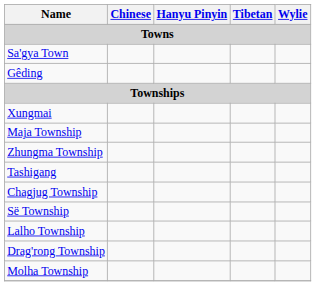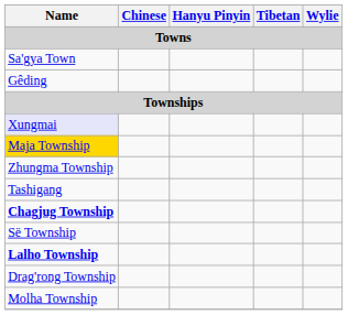 <table class="wikitable"  style="font-size:90%;" align=center>
 <tr>
 <th>Name</th>
 <th><a href='#'>Chinese</a></th>
 <th><a href='#'>Hanyu Pinyin</a></th>
 <th><a href='#'>Tibetan</a></th>
 <th><a href='#'>Wylie</a></th>
 </tr>
 <tr --------->
 <td colspan="7"  style="text-align:center; background:#d3d3d3;"><strong>Towns</strong></td>
 </tr>
 <tr --------->
 <td><a href='#'>Sa'gya Town</a></td>
 <td></td>
 <td></td>
 <td></td>
 <td></td>
 </tr>
 <tr>
 <td><a href='#'>Gêding</a></td>
 <td></td>
 <td></td>
 <td></td>
 <td></td>
 </tr>
 <tr --------->
 <td colspan="7"  style="text-align:center; background:#d3d3d3;"><strong>Townships</strong></td>
 </tr>
 <tr --------->
-<td><a href='#'>Xungmai</a></td>
+<td style="background: lavender;"><a href='#'>Xungmai</a></td>
 <td></td>
 <td></td>
 <td></td>
 <td></td>
 </tr>
 <tr>
-<td><a href='#'>Maja Township</a></td>
+<td style="background: gold;"><a href='#'>Maja Township</a></td>
 <td></td>
 <td></td>
 <td></td>
 <td></td>
 </tr>
 <tr>
 <td><a href='#'>Zhungma Township</a></td>
 <td></td>
 <td></td>
 <td></td>
 <td></td>
 </tr>
 <tr>
 <td><a href='#'>Tashigang</a></td>
 <td></td>
 <td></td>
 <td></td>
 <td></td>
 </tr>
 <tr>
-<td><a href='#'>Chagjug Township</a></td>
+<td><strong><a href='#'>Chagjug Township</a></strong></td>
 <td></td>
 <td></td>
 <td></td>
 <td></td>
 </tr>
 <tr>
 <td><a href='#'>Së Township</a></td>
 <td></td>
 <td></td>
 <td></td>
 <td></td>
 </tr>
 <tr>
-<td><a href='#'>Lalho Township</a></td>
+<td><strong><a href='#'>Lalho Township</a></strong></td>
 <td></td>
 <td></td>
 <td></td>
 <td></td>
 </tr>
 <tr>
 <td><a href='#'>Drag'rong Township</a></td>
 <td></td>
 <td></td>
 <td></td>
 <td></td>
 </tr>
 <tr>
 <td><a href='#'>Molha Township</a></td>
 <td></td>
 <td></td>
 <td></td>
 <td></td>
 </tr>
 <tr>
 </tr>
 </table>
